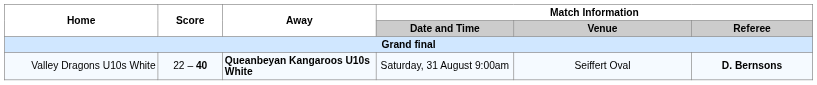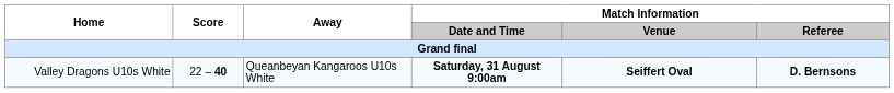 <table border="1" cellpadding="3" cellspacing="0" width="100%" style="border-collapse:collapse;  text-align:center;">
 <tr>
 <th rowspan="2" width="19%">Home</th>
 <th rowspan="2" width="8%">Score</th>
 <th rowspan="2" width="19%">Away</th>
 <th colspan="3">Match Information</th>
 </tr>
 <tr bgcolor="#CCCCCC">
 <th width="17%">Date and Time</th>
 <th width="22%">Venue</th>
 <th width="50%">Referee</th>
 </tr>
 <tr style="background:#d0e7ff;">
 <td colspan="6"><strong>Grand final</strong></td>
 </tr>
 <tr style="text-align:center; background:#f5faff;">
 <td align="right">Valley Dragons U10s White </td>
 <td>22 – <strong>40</strong></td>
-<td align="left"><strong> Queanbeyan Kangaroos U10s White</strong></td>
-<td>Saturday, 31 August 9:00am</td>
-<td>Seiffert Oval</td>
+<td align="left"> Queanbeyan Kangaroos U10s White</td>
+<td><strong>Saturday, 31 August 9:00am</strong></td>
+<td><strong>Seiffert Oval</strong></td>
 <td><strong>D. Bernsons</strong></td>
 </tr>
 </table>
